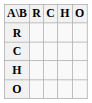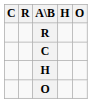 <table class="wikitable">
 <tr>
+<th>C</th>
+<th>R</th>
 <th>A\B</th>
-<th>R</th>
-<th>C</th>
 <th>H</th>
 <th>O</th>
 </tr>
 <tr>
-<th>R</th>
 <td></td>
 <td></td>
+<th>R</th>
 <td></td>
 <td></td>
 </tr>
 <tr>
-<th>C</th>
 <td></td>
 <td></td>
+<th>C</th>
 <td></td>
 <td></td>
 </tr>
 <tr>
-<th>H</th>
 <td></td>
 <td></td>
+<th>H</th>
 <td></td>
 <td></td>
 </tr>
 <tr>
-<th>O</th>
 <td></td>
 <td></td>
+<th>O</th>
 <td></td>
 <td></td>
 </tr>
 </table>
